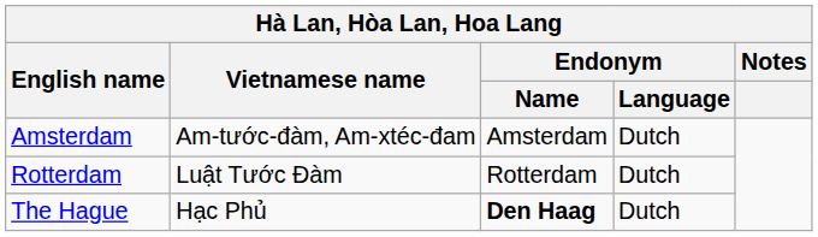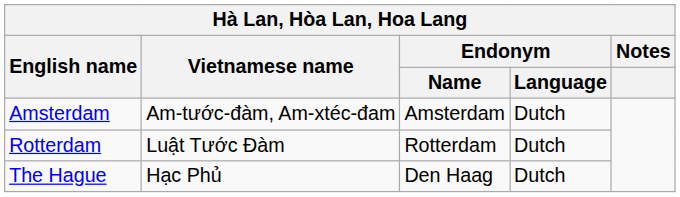 <table class="wikitable sortable">
 <tr>
 <th colspan="5"> Hà Lan, Hòa Lan, Hoa Lang</th>
 </tr>
 <tr>
 <th rowspan="2">English name</th>
 <th rowspan="2">Vietnamese name</th>
 <th colspan="2">Endonym</th>
 <th>Notes</th>
 </tr>
 <tr>
 <th>Name</th>
 <th>Language</th>
 <th></th>
 </tr>
 <tr>
 <td><a href='#'>Amsterdam</a></td>
 <td>Am-tước-đàm, Am-xtéc-đam</td>
 <td>Amsterdam</td>
 <td>Dutch</td>
 </tr>
 <tr>
 <td><a href='#'>Rotterdam</a></td>
 <td>Luật Tước Đàm</td>
 <td>Rotterdam</td>
 <td>Dutch</td>
 </tr>
 <tr>
 <td><a href='#'>The Hague</a></td>
 <td>Hạc Phủ</td>
-<td><strong>Den Haag</strong></td>
+<td>Den Haag</td>
 <td>Dutch</td>
 </tr>
 </table>
